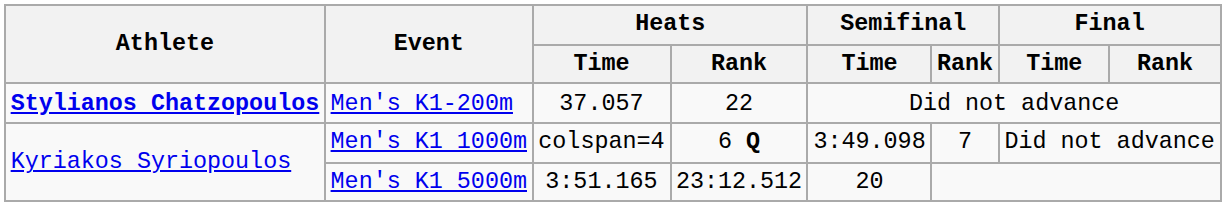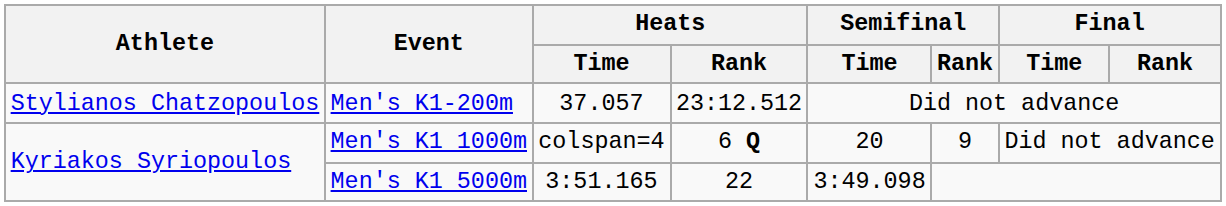 <table class="wikitable" style="font-size:90%">
 <tr>
 <th rowspan="2">Athlete</th>
 <th rowspan="2">Event</th>
 <th colspan="2">Heats</th>
 <th colspan="2">Semifinal</th>
 <th colspan="2">Final</th>
 </tr>
 <tr>
 <th>Time</th>
 <th>Rank</th>
 <th>Time</th>
 <th>Rank</th>
 <th>Time</th>
 <th>Rank</th>
 </tr>
 <tr align=center>
-<td align=left><strong><a href='#'>Stylianos Chatzopoulos</a></strong></td>
+<td align=left><a href='#'>Stylianos Chatzopoulos</a></td>
 <td align=left><a href='#'>Men's K1-200m</a></td>
 <td>37.057</td>
-<td>22</td>
+<td>23:12.512</td>
 <td colspan=4>Did not advance</td>
 </tr>
 <tr align=center>
 <td align=left rowspan=2><a href='#'>Kyriakos Syriopoulos</a></td>
 <td align=left><a href='#'>Men's K1 1000m</a></td>
 <td>colspan=4 </td>
 <td>6 <strong>Q</strong></td>
-<td>3:49.098</td>
-<td>7</td>
+<td>20</td>
+<td>9</td>
 <td colspan=2>Did not advance</td>
 </tr>
 <tr align=center>
 <td align=left><a href='#'>Men's K1 5000m</a></td>
 <td>3:51.165</td>
-<td>23:12.512</td>
-<td>20</td>
+<td>22</td>
+<td>3:49.098</td>
 </tr>
 </table>
